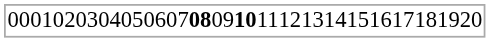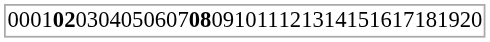 <table Cellpadding="0" CellSpacing="0" style="font-size:100%; border:1px solid #aaaaaa; padding:1px;">
 <tr valign="bottom">
 <td></td>
 <td></td>
 <td></td>
 <td></td>
 <td></td>
 <td></td>
 <td></td>
 <td></td>
 <td></td>
 <td></td>
 <td></td>
 <td></td>
 <td></td>
 <td></td>
 <td></td>
 <td></td>
 <td></td>
 <td></td>
 <td></td>
 <td></td>
 <td></td>
 </tr>
 <tr align=center style="font-size:80%;">
 <td>00</td>
 <td>01</td>
-<td>02</td>
+<td><strong>02</strong></td>
 <td>03</td>
 <td>04</td>
 <td>05</td>
 <td>06</td>
 <td>07</td>
 <td><strong>08</strong></td>
 <td>09</td>
-<td><strong>10</strong></td>
+<td>10</td>
 <td>11</td>
 <td>12</td>
 <td>13</td>
 <td>14</td>
 <td>15</td>
 <td>16</td>
 <td>17</td>
 <td>18</td>
 <td>19</td>
 <td>20</td>
 </tr>
 </table>
